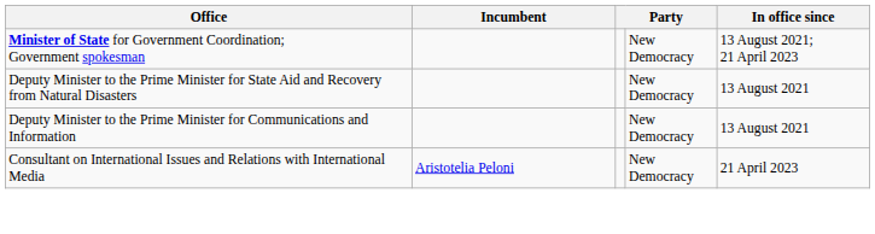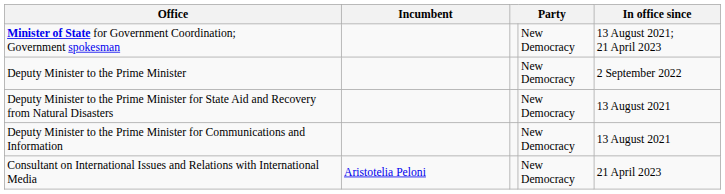 <table class="wikitable" style="width: 70%; font-size: 90%;">
 <tr>
 <th width="40%">Office</th>
 <th width="20%">Incumbent</th>
 <th width="10%" colspan="2">Party</th>
 <th width="15%">In office since</th>
 </tr>
 <tr>
 <td><strong><a href='#'>Minister of State</a></strong> for Government Coordination;<br>Government <a href='#'>spokesman</a></td>
 <td><strong></strong></td>
 <td width="5" style="background-color: "></td>
 <td>New Democracy</td>
 <td>13 August 2021;<br>21 April 2023</td>
+</tr>
+<tr>
+<td>Deputy Minister to the Prime Minister</td>
+<td></td>
+<td width="5" style="background-color: "></td>
+<td>New Democracy</td>
+<td>2 September 2022</td>
 </tr>
 <tr>
 <td>Deputy Minister to the Prime Minister for State Aid and Recovery from Natural Disasters</td>
 <td></td>
 <td width="5" style="background-color: "></td>
 <td>New Democracy</td>
 <td>13 August 2021</td>
 </tr>
 <tr>
 <td>Deputy Minister to the Prime Minister for Communications and Information</td>
 <td></td>
 <td width="5" style="background-color: "></td>
 <td>New Democracy</td>
 <td>13 August 2021</td>
 </tr>
 <tr>
 <td>Consultant on International Issues and Relations with International Media</td>
 <td><a href='#'>Aristotelia Peloni</a></td>
 <td width="5" style="background-color: "></td>
 <td>New Democracy</td>
 <td>21 April 2023</td>
 </tr>
 </table>
